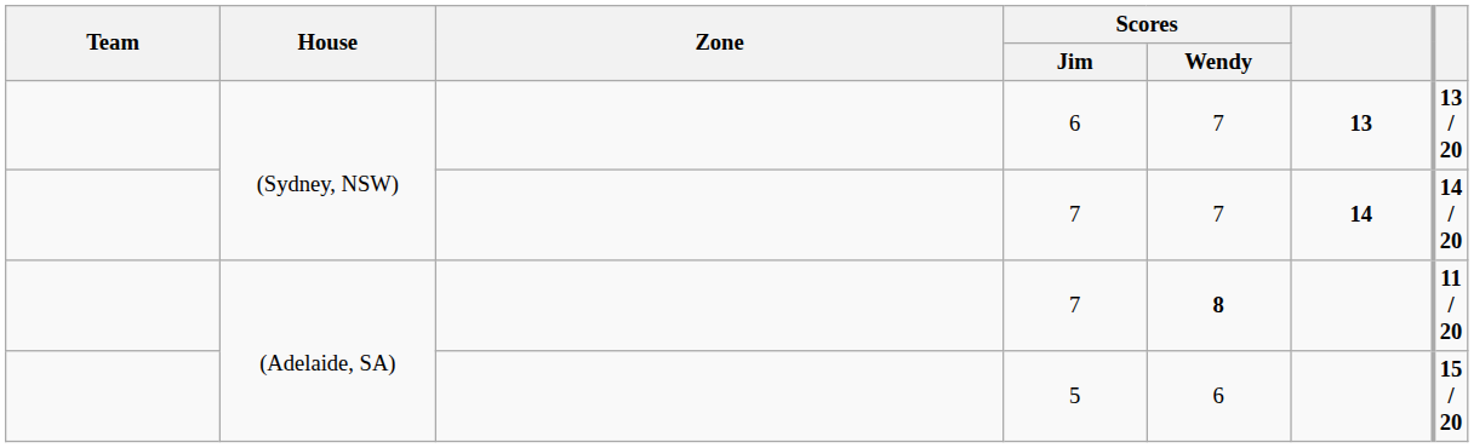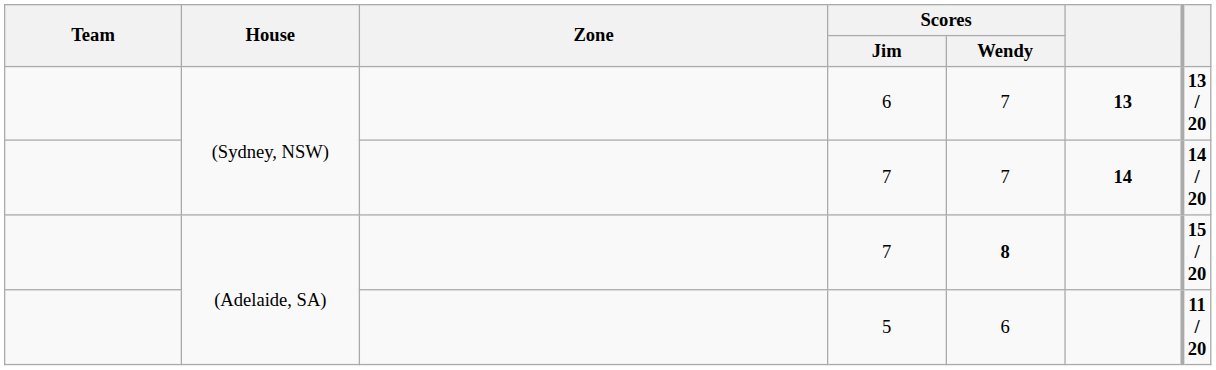 <table class="wikitable plainrowheaders" style="text-align:center; font-size:90%; width:65em;">
 <tr>
 <th rowspan="2">Team</th>
 <th rowspan="2">House</th>
 <th rowspan="2" style="width:40%;">Zone</th>
 <th colspan="2" style="width:30%;">Scores</th>
 <th rowspan="2" style="width:15%;"></th>
 <th rowspan="2" style="width:15%; border-left:3px solid #aaa;"></th>
 </tr>
 <tr>
 <th style="width:10%;">Jim</th>
 <th style="width:10%;">Wendy</th>
 </tr>
 <tr>
 <td style="width:15%;"></td>
 <td rowspan=2 style="width:15%;"><br>(Sydney, NSW)</td>
 <td></td>
 <td>6</td>
 <td>7</td>
 <td><strong>13</strong></td>
 <td style="border-left:3px solid #aaa;"><strong>13 / 20</strong></td>
 </tr>
 <tr>
 <td style="width:15%;"></td>
 <td></td>
 <td>7</td>
 <td>7</td>
 <td><strong>14</strong></td>
 <td style="border-left:3px solid #aaa;"><strong>14 / 20</strong></td>
 </tr>
 <tr>
 <td style="width:15%;"></td>
 <td rowspan=2 style="width:15%;"><br>(Adelaide, SA)</td>
 <td></td>
 <td>7</td>
 <td><strong>8</strong></td>
 <td></td>
-<td style="border-left:3px solid #aaa;"><strong>11 / 20</strong></td>
+<td style="border-left:3px solid #aaa;"><strong>15 / 20</strong></td>
 </tr>
 <tr>
 <td style="width:15%;"></td>
 <td></td>
 <td>5</td>
 <td>6</td>
 <td></td>
-<td style="border-left:3px solid #aaa;"><strong>15 / 20</strong></td>
+<td style="border-left:3px solid #aaa;"><strong>11 / 20</strong></td>
 </tr>
 </table>
